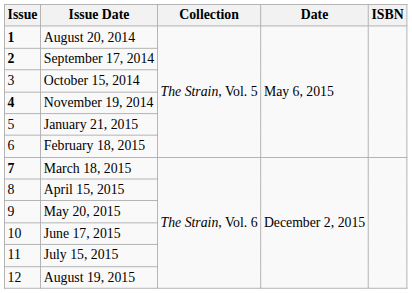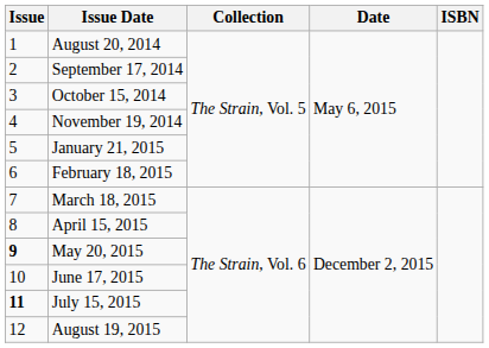 <table class="wikitable">
 <tr>
 <th>Issue</th>
 <th>Issue Date</th>
 <th>Collection</th>
 <th>Date</th>
 <th>ISBN</th>
 </tr>
 <tr>
-<td><strong>1</strong></td>
+<td>1</td>
 <td>August 20, 2014</td>
 <td rowspan="6"><em>The Strain</em>, Vol. 5</td>
 <td rowspan="6">May 6, 2015</td>
 <td rowspan="6"></td>
 </tr>
 <tr>
-<td><strong>2</strong></td>
+<td>2</td>
 <td>September 17, 2014</td>
 </tr>
 <tr>
 <td>3</td>
 <td>October 15, 2014</td>
 </tr>
 <tr>
-<td><strong>4</strong></td>
+<td>4</td>
 <td>November 19, 2014</td>
 </tr>
 <tr>
 <td>5</td>
 <td>January 21, 2015</td>
 </tr>
 <tr>
 <td>6</td>
 <td>February 18, 2015</td>
 </tr>
 <tr>
-<td><strong>7</strong></td>
+<td>7</td>
 <td>March 18, 2015</td>
 <td rowspan="6"><em>The Strain</em>, Vol. 6</td>
 <td rowspan="6">December 2, 2015</td>
 <td rowspan="6"></td>
 </tr>
 <tr>
 <td>8</td>
 <td>April 15, 2015</td>
 </tr>
 <tr>
-<td>9</td>
+<td><strong>9</strong></td>
 <td>May 20, 2015</td>
 </tr>
 <tr>
 <td>10</td>
 <td>June 17, 2015</td>
 </tr>
 <tr>
-<td>11</td>
+<td><strong>11</strong></td>
 <td>July 15, 2015</td>
 </tr>
 <tr>
 <td>12</td>
 <td>August 19, 2015</td>
 </tr>
 </table>
